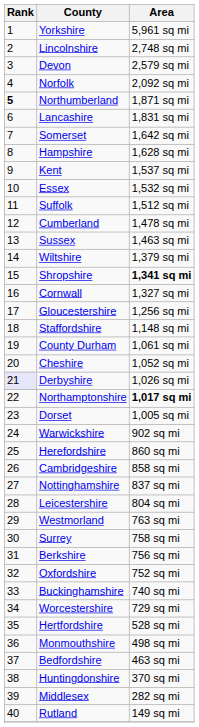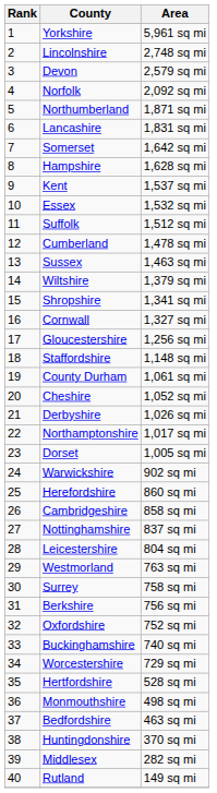 <table class="wikitable sortable">
 <tr>
 <th>Rank</th>
 <th>County</th>
 <th class="unsortable">Area</th>
 </tr>
 <tr>
 <td>1</td>
 <td><a href='#'>Yorkshire</a></td>
 <td>5,961 sq mi</td>
 </tr>
 <tr>
 <td>2</td>
 <td><a href='#'>Lincolnshire</a></td>
 <td>2,748 sq mi</td>
 </tr>
 <tr>
 <td>3</td>
 <td><a href='#'>Devon</a></td>
 <td>2,579 sq mi</td>
 </tr>
 <tr>
 <td>4</td>
 <td><a href='#'>Norfolk</a></td>
 <td>2,092 sq mi</td>
 </tr>
 <tr>
-<td><strong>5</strong></td>
+<td>5</td>
 <td><a href='#'>Northumberland</a></td>
 <td>1,871 sq mi</td>
 </tr>
 <tr>
 <td>6</td>
 <td><a href='#'>Lancashire</a></td>
 <td>1,831 sq mi</td>
 </tr>
 <tr>
 <td>7</td>
 <td><a href='#'>Somerset</a></td>
 <td>1,642 sq mi</td>
 </tr>
 <tr>
 <td>8</td>
 <td><a href='#'>Hampshire</a></td>
 <td>1,628 sq mi</td>
 </tr>
 <tr>
 <td>9</td>
 <td><a href='#'>Kent</a></td>
 <td>1,537 sq mi</td>
 </tr>
 <tr>
 <td>10</td>
 <td><a href='#'>Essex</a></td>
 <td>1,532 sq mi</td>
 </tr>
 <tr>
 <td>11</td>
 <td><a href='#'>Suffolk</a></td>
 <td>1,512 sq mi</td>
 </tr>
 <tr>
 <td>12</td>
 <td><a href='#'>Cumberland</a></td>
 <td>1,478 sq mi</td>
 </tr>
 <tr>
 <td>13</td>
 <td><a href='#'>Sussex</a></td>
 <td>1,463 sq mi</td>
 </tr>
 <tr>
 <td>14</td>
 <td><a href='#'>Wiltshire</a></td>
 <td>1,379 sq mi</td>
 </tr>
 <tr>
 <td>15</td>
 <td><a href='#'>Shropshire</a></td>
-<td><strong>1,341 sq mi</strong></td>
+<td>1,341 sq mi</td>
 </tr>
 <tr>
 <td>16</td>
 <td><a href='#'>Cornwall</a></td>
 <td>1,327 sq mi</td>
 </tr>
 <tr>
 <td>17</td>
 <td><a href='#'>Gloucestershire</a></td>
 <td>1,256 sq mi</td>
 </tr>
 <tr>
 <td>18</td>
 <td><a href='#'>Staffordshire</a></td>
 <td>1,148 sq mi</td>
 </tr>
 <tr>
 <td>19</td>
 <td><a href='#'>County Durham</a></td>
 <td>1,061 sq mi</td>
 </tr>
 <tr>
 <td>20</td>
 <td><a href='#'>Cheshire</a></td>
 <td>1,052 sq mi</td>
 </tr>
 <tr>
-<td style="background: lavender;">21</td>
+<td>21</td>
 <td><a href='#'>Derbyshire</a></td>
 <td>1,026 sq mi</td>
 </tr>
 <tr>
 <td>22</td>
 <td><a href='#'>Northamptonshire</a></td>
-<td><strong>1,017 sq mi</strong></td>
+<td>1,017 sq mi</td>
 </tr>
 <tr>
 <td>23</td>
 <td><a href='#'>Dorset</a></td>
 <td>1,005 sq mi</td>
 </tr>
 <tr>
 <td>24</td>
 <td><a href='#'>Warwickshire</a></td>
 <td>902 sq mi</td>
 </tr>
 <tr>
 <td>25</td>
 <td><a href='#'>Herefordshire</a></td>
 <td>860 sq mi</td>
 </tr>
 <tr>
 <td>26</td>
 <td><a href='#'>Cambridgeshire</a></td>
 <td>858 sq mi</td>
 </tr>
 <tr>
 <td>27</td>
 <td><a href='#'>Nottinghamshire</a></td>
 <td>837 sq mi</td>
 </tr>
 <tr>
 <td>28</td>
 <td><a href='#'>Leicestershire</a></td>
 <td>804 sq mi</td>
 </tr>
 <tr>
 <td>29</td>
 <td><a href='#'>Westmorland</a></td>
 <td>763 sq mi</td>
 </tr>
 <tr>
 <td>30</td>
 <td><a href='#'>Surrey</a></td>
 <td>758 sq mi</td>
 </tr>
 <tr>
 <td>31</td>
 <td><a href='#'>Berkshire</a></td>
 <td>756 sq mi</td>
 </tr>
 <tr>
 <td>32</td>
 <td><a href='#'>Oxfordshire</a></td>
 <td>752 sq mi</td>
 </tr>
 <tr>
 <td>33</td>
 <td><a href='#'>Buckinghamshire</a></td>
 <td>740 sq mi</td>
 </tr>
 <tr>
 <td>34</td>
 <td><a href='#'>Worcestershire</a></td>
 <td>729 sq mi</td>
 </tr>
 <tr>
 <td>35</td>
 <td><a href='#'>Hertfordshire</a></td>
 <td>528 sq mi</td>
 </tr>
 <tr>
 <td>36</td>
 <td><a href='#'>Monmouthshire</a></td>
 <td>498 sq mi</td>
 </tr>
 <tr>
 <td>37</td>
 <td><a href='#'>Bedfordshire</a></td>
 <td>463 sq mi</td>
 </tr>
 <tr>
 <td>38</td>
 <td><a href='#'>Huntingdonshire</a></td>
 <td>370 sq mi</td>
 </tr>
 <tr>
 <td>39</td>
 <td><a href='#'>Middlesex</a></td>
 <td>282 sq mi</td>
 </tr>
 <tr>
 <td>40</td>
 <td><a href='#'>Rutland</a></td>
 <td>149 sq mi</td>
 </tr>
 <tr>
 </tr>
 </table>
